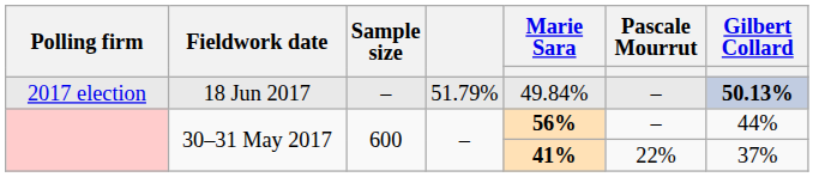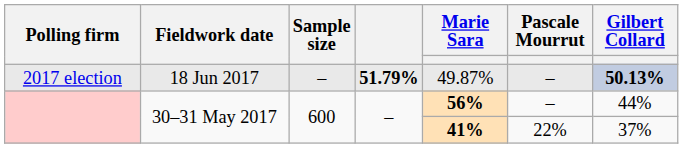 <table class="wikitable sortable" style="text-align:center;font-size:90%;line-height:14px;">
 <tr style="height:40px;">
 <th style="width:100px;" rowspan="2">Polling firm</th>
 <th style="width:110px;" rowspan="2">Fieldwork date</th>
 <th style="width:35px;" rowspan="2">Sample<br>size</th>
 <th style="width:30px;" rowspan="2"></th>
 <th class="unsortable" style="width:60px;"><a href='#'>Marie Sara</a><br></th>
 <th class="unsortable" style="width:60px;">Pascale Mourrut<br></th>
 <th class="unsortable" style="width:60px;"><a href='#'>Gilbert Collard</a><br></th>
 </tr>
 <tr>
 <th style="background:"></th>
 <th style="background:"></th>
 <th style="background:"></th>
 </tr>
 <tr style="background:#E9E9E9;">
 <td><a href='#'>2017 election</a></td>
 <td data-sort-value="2017-06-18">18 Jun 2017</td>
 <td>–</td>
-<td>51.79%</td>
-<td>49.84%</td>
+<td><strong>51.79%</strong></td>
+<td>49.87%</td>
 <td>–</td>
 <td style="background:#C1CCE1;"><strong>50.13%</strong></td>
 </tr>
 <tr>
 <td rowspan="2" style="background:#FFCCCC;"></td>
 <td rowspan="2" data-sort-value="2017-05-31">30–31 May 2017</td>
 <td rowspan="2">600</td>
 <td rowspan="2">–</td>
 <td style="background:#FFE1B6;"><strong>56%</strong></td>
 <td>–</td>
 <td>44%</td>
 </tr>
 <tr>
 <td style="background:#FFE1B6;"><strong>41%</strong></td>
 <td>22%</td>
 <td>37%</td>
 </tr>
 </table>
